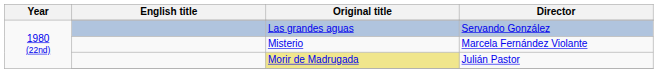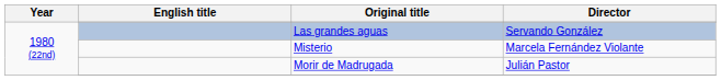 <table class="wikitable">
 <tr>
 <th width="100"><strong>Year</strong></th>
 <th width="300"><strong>English title</strong></th>
 <th width="300"><strong>Original title</strong></th>
 <th width="300"><strong>Director</strong></th>
 </tr>
 <tr>
 <td rowspan="6" style="text-align:center;"><a href='#'>1980</a><br><small><a href='#'>(22nd)</a></small></td>
 </tr>
 <tr style="background:#B0C4DE;">
 <td></td>
 <td><a href='#'>Las grandes aguas</a></td>
 <td><a href='#'>Servando González</a></td>
 </tr>
 <tr>
 <td></td>
 <td><a href='#'>Misterio</a></td>
 <td><a href='#'>Marcela Fernández Violante</a></td>
 </tr>
 <tr>
 <td></td>
-<td style="background: khaki;"><a href='#'>Morir de Madrugada</a></td>
+<td><a href='#'>Morir de Madrugada</a></td>
 <td><a href='#'>Julián Pastor</a></td>
 </tr>
 <tr>
 </tr>
 </table>
